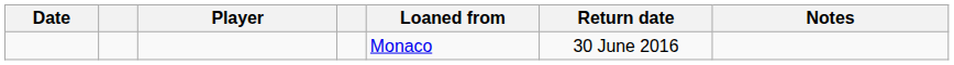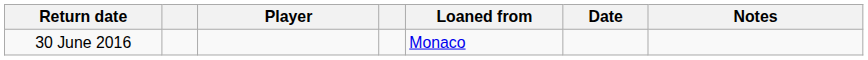 <table class="wikitable sortable">
 <tr>
-<th style="width:80px;">Date</th>
+<th style="width:155px;" class="unsortable">Return date</th>
 <th style="width:30px;"></th>
 <th style="width:180px;">Player</th>
 <th style="width:20px;"></th>
 <th style="width:155px;">Loaned from</th>
-<th style="width:155px;" class="unsortable">Return date</th>
+<th style="width:80px;">Date</th>
 <th style="width:215px;" class="unsortable">Notes</th>
 </tr>
 <tr>
-<td></td>
+<td align=center>30 June 2016</td>
 <td align=center></td>
 <td> </td>
 <td></td>
 <td> <a href='#'>Monaco</a></td>
-<td align=center>30 June 2016</td>
+<td></td>
 <td align=center></td>
 </tr>
 </table>
